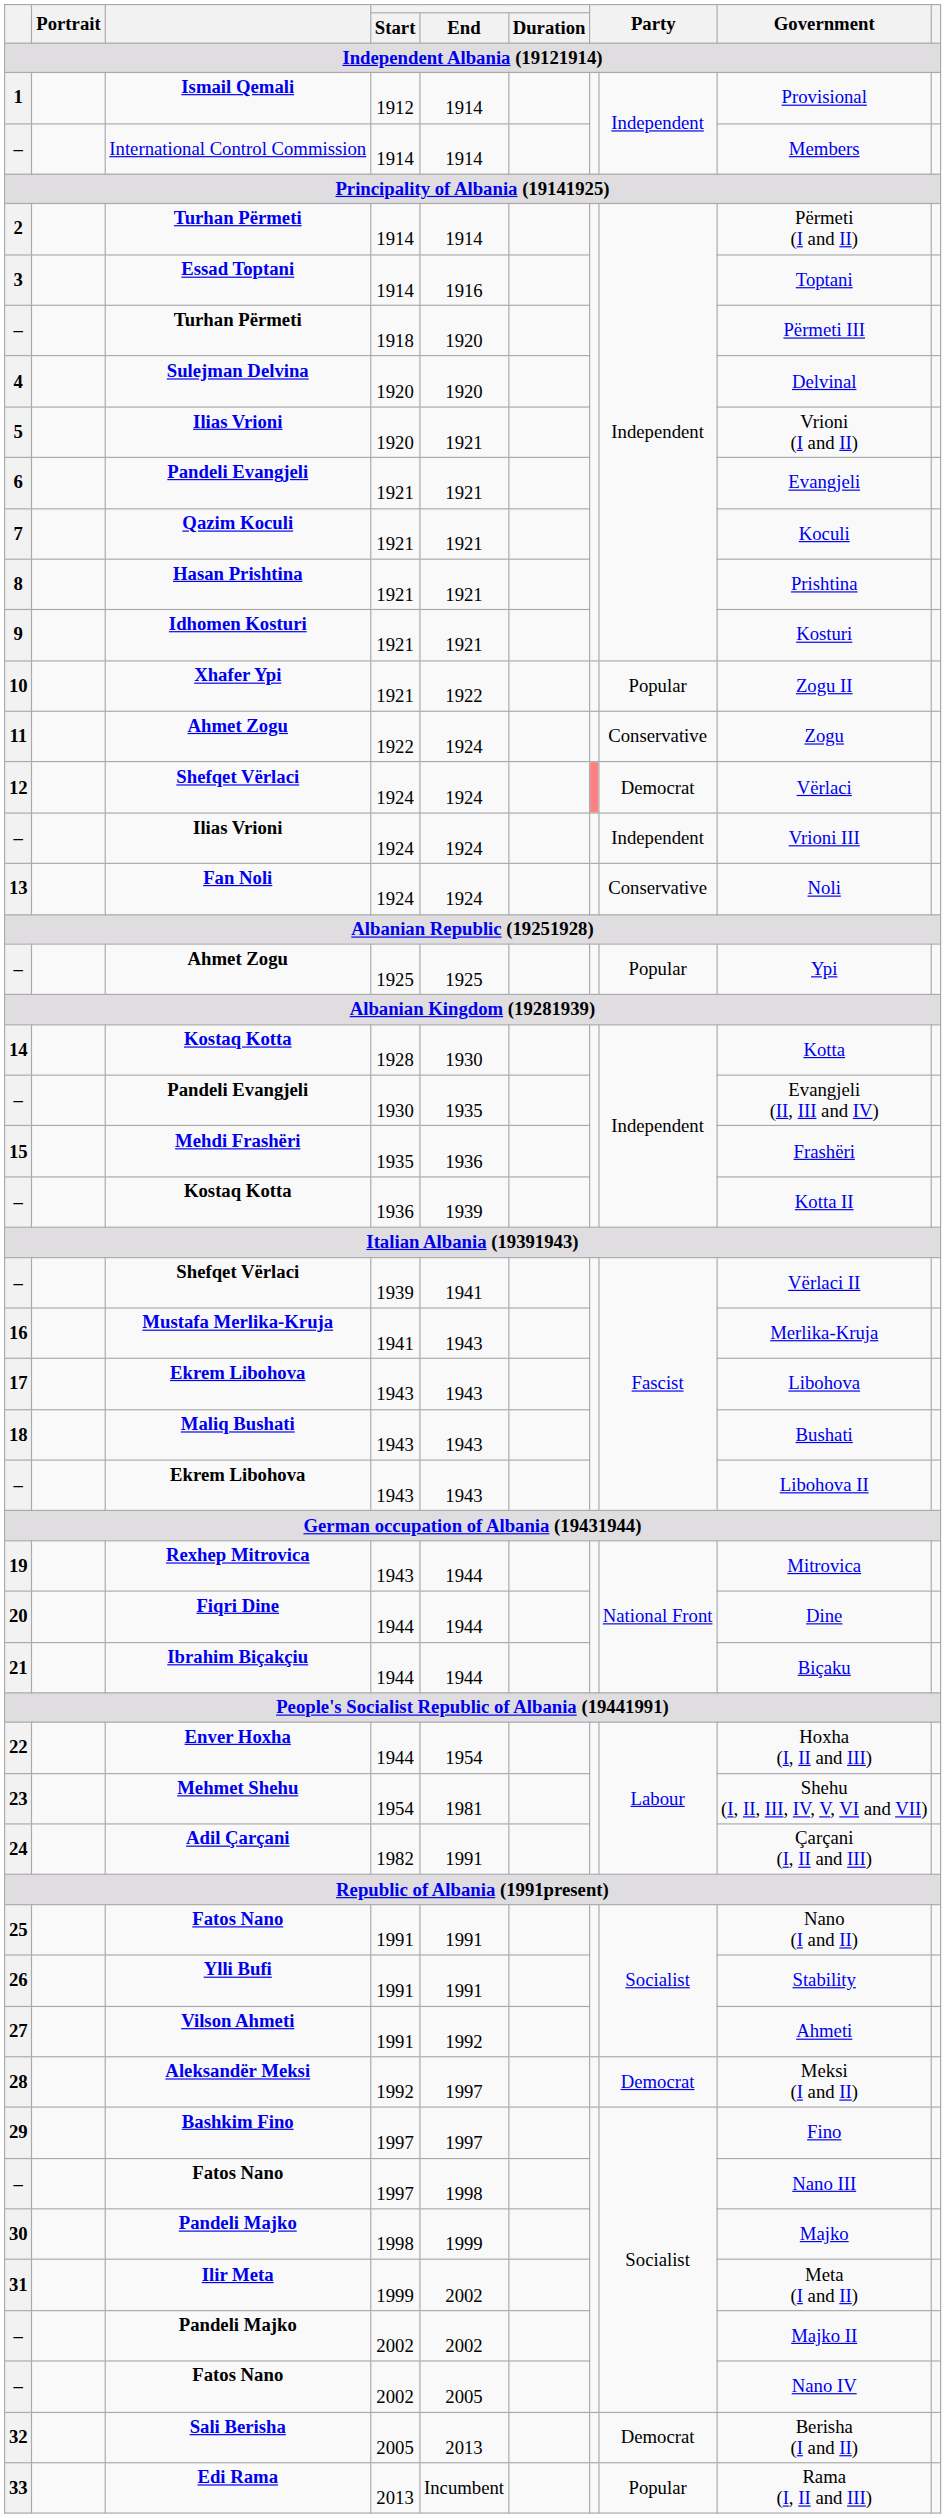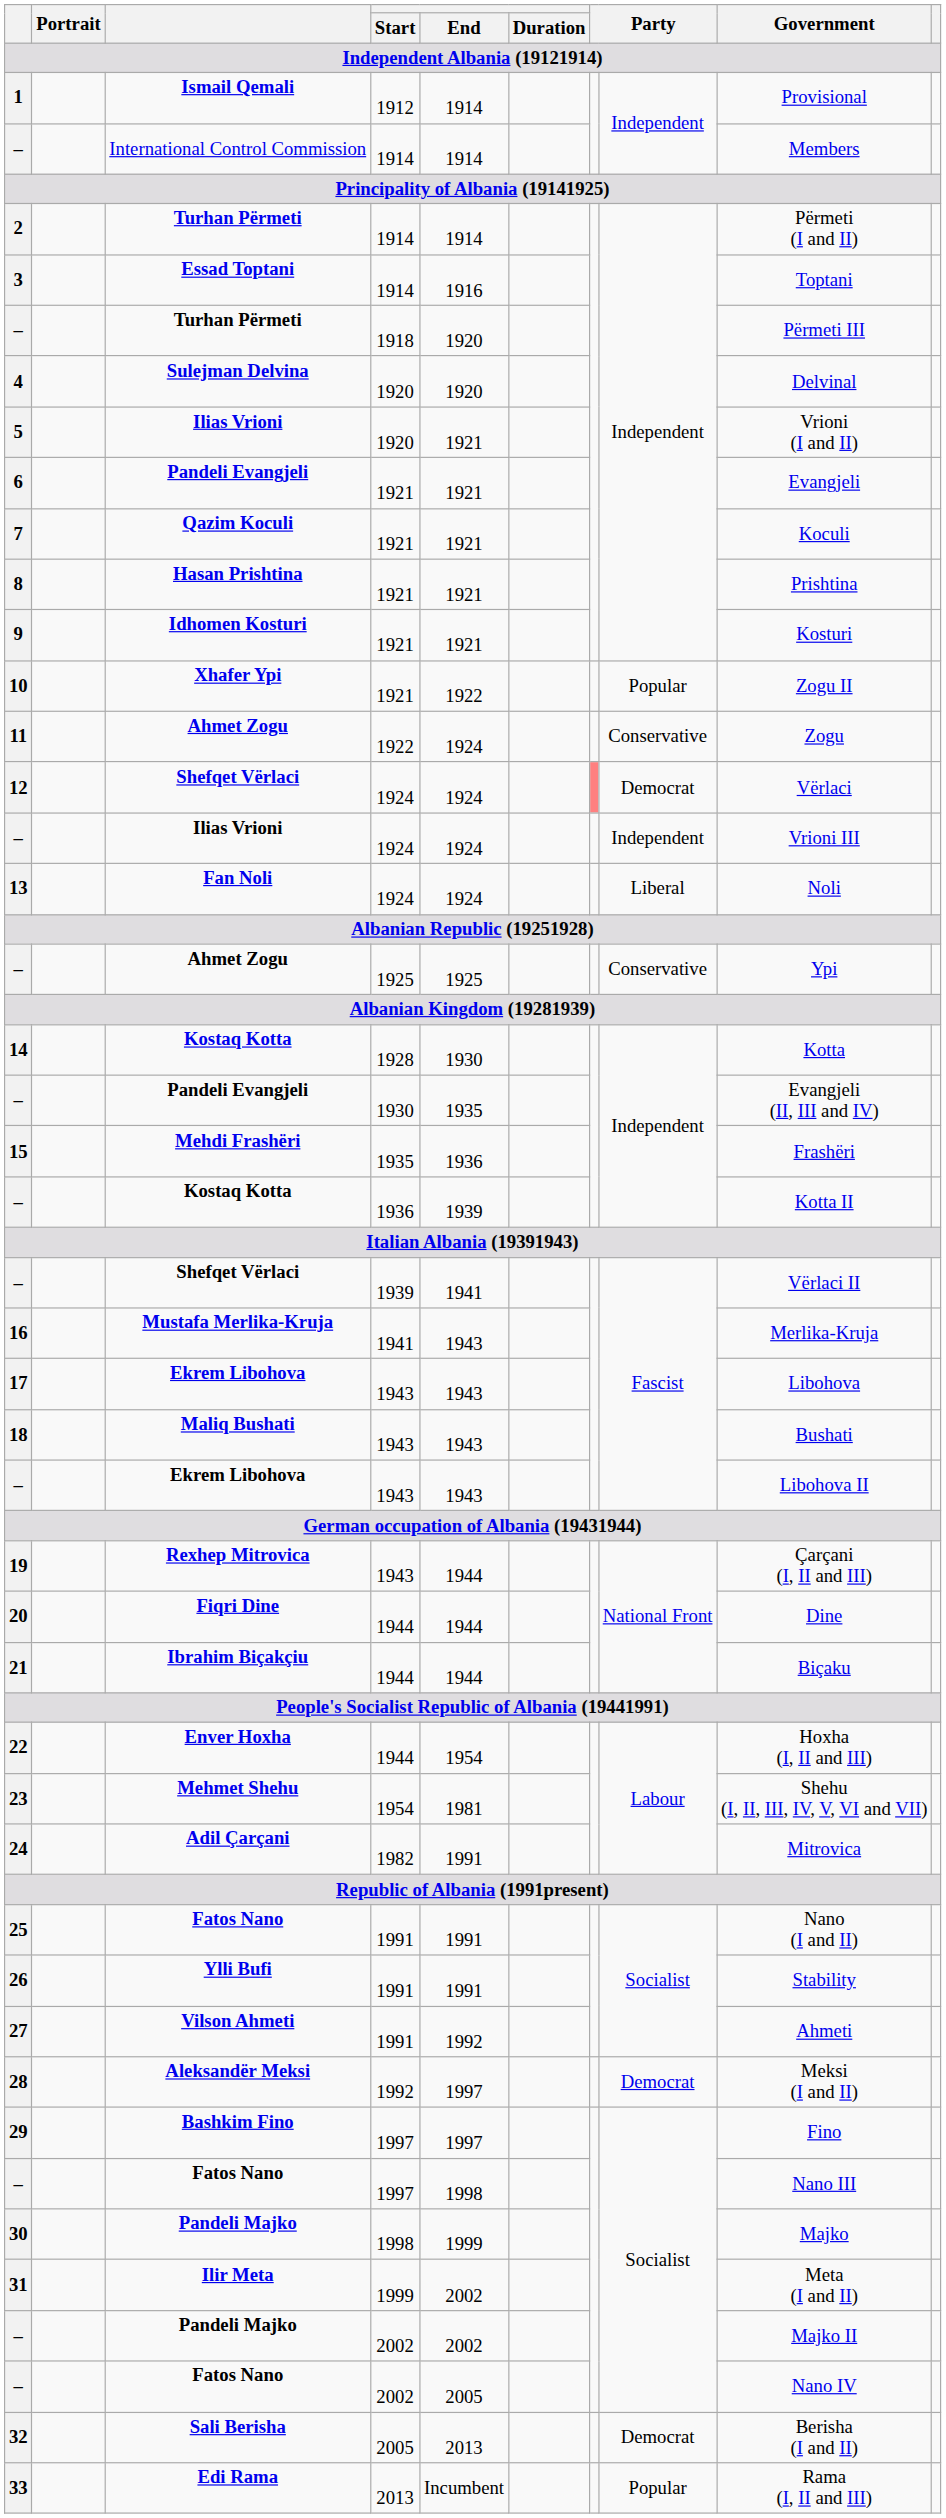 <table class="wikitable" style="text-align:center">
 <tr>
 <th scope=col rowspan="2"></th>
 <th scope=col rowspan="2">Portrait</th>
 <th scope=col rowspan="2"></th>
 <th colspan="3"></th>
 <th colspan="2" rowspan="2">Party</th>
 <th scope=col rowspan="2">Government</th>
 <th scope=col rowspan="2"></th>
 </tr>
 <tr>
 <th scope=col>Start</th>
 <th scope=col>End</th>
 <th scope=col>Duration</th>
 </tr>
 <tr>
 <td colspan="10" bgcolor="#dfdde0"> <strong><a href='#'>Independent Albania</a> (19121914)</strong></td>
 </tr>
 <tr>
 <th>1</th>
 <td></td>
 <td><strong><a href='#'>Ismail Qemali</a></strong><br><br></td>
 <td class=nowrap><br>1912</td>
 <td class=nowrap><br>1914</td>
 <td></td>
 <td rowspan="2" style="background:"></td>
 <td rowspan="2"><a href='#'>Independent</a></td>
 <td><a href='#'>Provisional</a></td>
 <td></td>
 </tr>
 <tr>
 <th>–</th>
 <td></td>
 <td><a href='#'>International Control Commission</a></td>
 <td class=nowrap><br>1914</td>
 <td class=nowrap><br>1914</td>
 <td></td>
 <td><a href='#'>Members</a></td>
 <td></td>
 </tr>
 <tr>
 <td colspan="10" bgcolor="#dfdde0"> <strong><a href='#'>Principality of Albania</a> (19141925)</strong></td>
 </tr>
 <tr>
 <th>2</th>
 <td></td>
 <td><strong><a href='#'>Turhan Përmeti</a></strong><br><br></td>
 <td class=nowrap><br>1914</td>
 <td class=nowrap><br>1914</td>
 <td></td>
 <td rowspan="9" style="background:"></td>
 <td rowspan="9">Independent</td>
 <td>Përmeti<br>(<a href='#'>I</a> and <a href='#'>II</a>)</td>
 <td></td>
 </tr>
 <tr>
 <th>3</th>
 <td></td>
 <td><strong><a href='#'>Essad Toptani</a></strong><br><br></td>
 <td class=nowrap><br>1914</td>
 <td class=nowrap><br>1916</td>
 <td></td>
 <td><a href='#'>Toptani</a></td>
 <td></td>
 </tr>
 <tr>
 <th>–</th>
 <td></td>
 <td><strong>Turhan Përmeti</strong><br><br></td>
 <td class=nowrap><br>1918</td>
 <td class=nowrap><br>1920</td>
 <td></td>
 <td><a href='#'>Përmeti III</a></td>
 <td></td>
 </tr>
 <tr>
 <th>4</th>
 <td></td>
 <td><strong><a href='#'>Sulejman Delvina</a></strong><br><br></td>
 <td class=nowrap><br>1920</td>
 <td class=nowrap><br>1920</td>
 <td></td>
 <td><a href='#'>Delvinal</a></td>
 <td></td>
 </tr>
 <tr>
 <th>5</th>
 <td></td>
 <td><strong><a href='#'>Ilias Vrioni</a></strong><br><br></td>
 <td class=nowrap><br>1920</td>
 <td class=nowrap><br>1921</td>
 <td></td>
 <td>Vrioni<br>(<a href='#'>I</a> and <a href='#'>II</a>)</td>
 <td></td>
 </tr>
 <tr>
 <th>6</th>
 <td></td>
 <td><strong><a href='#'>Pandeli Evangjeli</a></strong><br><br></td>
 <td class=nowrap><br>1921</td>
 <td class=nowrap><br>1921</td>
 <td></td>
 <td><a href='#'>Evangjeli</a></td>
 <td></td>
 </tr>
 <tr>
 <th>7</th>
 <td></td>
 <td><strong><a href='#'>Qazim Koculi</a></strong><br><br></td>
 <td class=nowrap><br>1921</td>
 <td class=nowrap><br>1921</td>
 <td></td>
 <td><a href='#'>Koculi</a></td>
 <td></td>
 </tr>
 <tr>
 <th>8</th>
 <td></td>
 <td><strong><a href='#'>Hasan Prishtina</a></strong><br><br></td>
 <td class=nowrap><br>1921</td>
 <td class=nowrap><br>1921</td>
 <td></td>
 <td><a href='#'>Prishtina</a></td>
 <td></td>
 </tr>
 <tr>
 <th>9</th>
 <td></td>
 <td><strong><a href='#'>Idhomen Kosturi</a></strong><br><br></td>
 <td class=nowrap><br>1921</td>
 <td class=nowrap><br>1921</td>
 <td></td>
 <td><a href='#'>Kosturi</a></td>
 <td></td>
 </tr>
 <tr>
 <th>10</th>
 <td></td>
 <td><strong><a href='#'>Xhafer Ypi</a></strong><br><br></td>
 <td class=nowrap><br>1921</td>
 <td class=nowrap><br>1922</td>
 <td></td>
 <td style="background:"></td>
 <td>Popular</td>
 <td><a href='#'>Zogu II</a></td>
 <td></td>
 </tr>
 <tr>
 <th>11</th>
 <td></td>
 <td><strong><a href='#'>Ahmet Zogu</a></strong><br><br></td>
 <td class=nowrap><br>1922</td>
 <td class=nowrap><br>1924</td>
 <td></td>
 <td style="background:"></td>
 <td>Conservative</td>
 <td><a href='#'>Zogu</a></td>
 <td></td>
 </tr>
 <tr>
 <th>12</th>
 <td></td>
 <td><strong><a href='#'>Shefqet Vërlaci</a></strong><br><br></td>
 <td class=nowrap><br>1924</td>
 <td class=nowrap><br>1924</td>
 <td></td>
 <td style="background:#ff8080; color:white;"></td>
 <td>Democrat</td>
 <td><a href='#'>Vërlaci</a></td>
 <td></td>
 </tr>
 <tr>
 <th>–</th>
 <td></td>
 <td><strong>Ilias Vrioni</strong><br><br></td>
 <td class=nowrap><br>1924</td>
 <td class=nowrap><br>1924</td>
 <td></td>
 <td style="background:"></td>
 <td>Independent</td>
 <td><a href='#'>Vrioni III</a></td>
 <td></td>
 </tr>
 <tr>
 <th>13</th>
 <td></td>
 <td><strong><a href='#'>Fan Noli</a></strong><br><br></td>
 <td class=nowrap><br>1924</td>
 <td class=nowrap><br>1924</td>
 <td></td>
 <td style="background:"></td>
-<td>Conservative</td>
+<td>Liberal</td>
 <td><a href='#'>Noli</a></td>
 <td></td>
 </tr>
 <tr>
 <td colspan="10" bgcolor="#dfdde0"> <strong><a href='#'>Albanian Republic</a> (19251928)</strong></td>
 </tr>
 <tr>
 <th>–</th>
 <td></td>
 <td><strong>Ahmet Zogu</strong><br><br></td>
 <td class=nowrap><br>1925</td>
 <td class=nowrap><br>1925</td>
 <td></td>
 <td style="background:"></td>
-<td>Popular</td>
+<td>Conservative</td>
 <td><a href='#'>Ypi</a></td>
 <td></td>
 </tr>
 <tr>
 <td colspan="10" bgcolor="#dfdde0"> <strong><a href='#'>Albanian Kingdom</a> (19281939)</strong></td>
 </tr>
 <tr>
 <th>14</th>
 <td></td>
 <td><strong><a href='#'>Kostaq Kotta</a></strong><br><br></td>
 <td class=nowrap><br>1928</td>
 <td class=nowrap><br>1930</td>
 <td></td>
 <td rowspan="4" style="background:"></td>
 <td rowspan="4">Independent</td>
 <td><a href='#'>Kotta</a></td>
 <td></td>
 </tr>
 <tr>
 <th>–</th>
 <td></td>
 <td><strong>Pandeli Evangjeli</strong><br><br></td>
 <td class=nowrap><br>1930</td>
 <td class=nowrap><br>1935</td>
 <td></td>
 <td>Evangjeli<br>(<a href='#'>II</a>, <a href='#'>III</a> and <a href='#'>IV</a>)</td>
 <td></td>
 </tr>
 <tr>
 <th>15</th>
 <td></td>
 <td><strong><a href='#'>Mehdi Frashëri</a></strong><br><br></td>
 <td class=nowrap><br>1935</td>
 <td class=nowrap><br>1936</td>
 <td></td>
 <td><a href='#'>Frashëri</a></td>
 <td></td>
 </tr>
 <tr>
 <th>–</th>
 <td></td>
 <td><strong>Kostaq Kotta</strong><br><br></td>
 <td class=nowrap><br>1936</td>
 <td class=nowrap><br>1939</td>
 <td></td>
 <td><a href='#'>Kotta II</a></td>
 <td></td>
 </tr>
 <tr>
 <td colspan="10" bgcolor="#dfdde0"> <strong><a href='#'>Italian Albania</a> (19391943)</strong></td>
 </tr>
 <tr>
 <th>–</th>
 <td></td>
 <td><strong>Shefqet Vërlaci</strong><br><br></td>
 <td class=nowrap><br>1939</td>
 <td class=nowrap><br>1941</td>
 <td></td>
 <td rowspan="5" style="background:"></td>
 <td rowspan="5"><a href='#'>Fascist</a></td>
 <td><a href='#'>Vërlaci II</a></td>
 <td></td>
 </tr>
 <tr>
 <th>16</th>
 <td></td>
 <td><strong><a href='#'>Mustafa Merlika-Kruja</a></strong><br><br></td>
 <td class=nowrap><br>1941</td>
 <td class=nowrap><br>1943</td>
 <td></td>
 <td><a href='#'>Merlika-Kruja</a></td>
 <td></td>
 </tr>
 <tr>
 <th>17</th>
 <td></td>
 <td><strong><a href='#'>Ekrem Libohova</a></strong><br><br></td>
 <td class=nowrap><br>1943</td>
 <td class=nowrap><br>1943</td>
 <td></td>
 <td><a href='#'>Libohova</a></td>
 <td></td>
 </tr>
 <tr>
 <th>18</th>
 <td></td>
 <td><strong><a href='#'>Maliq Bushati</a></strong><br><br></td>
 <td class=nowrap><br>1943</td>
 <td class=nowrap><br>1943</td>
 <td></td>
 <td><a href='#'>Bushati</a></td>
 <td></td>
 </tr>
 <tr>
 <th>–</th>
 <td></td>
 <td><strong>Ekrem Libohova</strong><br><br></td>
 <td class=nowrap><br>1943</td>
 <td class=nowrap><br>1943</td>
 <td></td>
 <td><a href='#'>Libohova II</a></td>
 <td></td>
 </tr>
 <tr>
 <td colspan="10" bgcolor="#dfdde0"> <strong><a href='#'>German occupation of Albania</a> (19431944)</strong></td>
 </tr>
 <tr>
 <th>19</th>
 <td></td>
 <td><strong><a href='#'>Rexhep Mitrovica</a></strong><br><br></td>
 <td class=nowrap><br>1943</td>
 <td class=nowrap><br>1944</td>
 <td></td>
 <td rowspan="3" style="background:"></td>
 <td rowspan="3"><a href='#'>National Front</a></td>
-<td><a href='#'>Mitrovica</a></td>
+<td>Çarçani<br>(<a href='#'>I</a>, <a href='#'>II</a> and <a href='#'>III</a>)</td>
 <td></td>
 </tr>
 <tr>
 <th>20</th>
 <td></td>
 <td><strong><a href='#'>Fiqri Dine</a></strong><br><br></td>
 <td class=nowrap><br>1944</td>
 <td class=nowrap><br>1944</td>
 <td></td>
 <td><a href='#'>Dine</a></td>
 <td></td>
 </tr>
 <tr>
 <th>21</th>
 <td></td>
 <td><strong><a href='#'>Ibrahim Biçakçiu</a></strong><br><br></td>
 <td class=nowrap><br>1944</td>
 <td class=nowrap><br>1944</td>
 <td></td>
 <td><a href='#'>Biçaku</a></td>
 <td></td>
 </tr>
 <tr>
 <td colspan="10" bgcolor="#dfdde0"> <strong><a href='#'>People's Socialist Republic of Albania</a> (19441991)</strong></td>
 </tr>
 <tr>
 <th>22</th>
 <td></td>
 <td><strong><a href='#'>Enver Hoxha</a></strong><br><br></td>
 <td class=nowrap><br>1944</td>
 <td class=nowrap><br>1954</td>
 <td></td>
 <td rowspan="3" style="background:"></td>
 <td rowspan="3"><a href='#'>Labour</a></td>
 <td>Hoxha<br>(<a href='#'>I</a>, <a href='#'>II</a> and <a href='#'>III</a>)</td>
 <td></td>
 </tr>
 <tr>
 <th>23</th>
 <td></td>
 <td><strong><a href='#'>Mehmet Shehu</a></strong><br><br></td>
 <td class=nowrap><br>1954</td>
 <td class=nowrap><br>1981</td>
 <td></td>
 <td>Shehu<br>(<a href='#'>I</a>, <a href='#'>II</a>, <a href='#'>III</a>, <a href='#'>IV</a>, <a href='#'>V</a>, <a href='#'>VI</a> and <a href='#'>VII</a>)</td>
 <td></td>
 </tr>
 <tr>
 <th>24</th>
 <td></td>
 <td><strong><a href='#'>Adil Çarçani</a></strong><br><br></td>
 <td class=nowrap><br>1982</td>
 <td class=nowrap><br>1991</td>
 <td></td>
-<td>Çarçani<br>(<a href='#'>I</a>, <a href='#'>II</a> and <a href='#'>III</a>)</td>
+<td><a href='#'>Mitrovica</a></td>
 <td></td>
 </tr>
 <tr>
 <td colspan="10" bgcolor="#dfdde0"> <strong><a href='#'>Republic of Albania</a> (1991present)</strong></td>
 </tr>
 <tr>
 <th>25</th>
 <td></td>
 <td><strong><a href='#'>Fatos Nano</a></strong><br><br></td>
 <td class=nowrap><br>1991</td>
 <td class=nowrap><br>1991</td>
 <td></td>
 <td rowspan="3" style="background:"></td>
 <td rowspan="3"><a href='#'>Socialist</a></td>
 <td>Nano<br>(<a href='#'>I</a> and <a href='#'>II</a>)</td>
 <td></td>
 </tr>
 <tr>
 <th>26</th>
 <td></td>
 <td><strong><a href='#'>Ylli Bufi</a></strong><br><br></td>
 <td class=nowrap><br>1991</td>
 <td class=nowrap><br>1991</td>
 <td></td>
 <td><a href='#'>Stability</a></td>
 <td></td>
 </tr>
 <tr>
 <th>27</th>
 <td></td>
 <td><strong><a href='#'>Vilson Ahmeti</a></strong><br><br></td>
 <td class=nowrap><br>1991</td>
 <td class=nowrap><br>1992</td>
 <td></td>
 <td><a href='#'>Ahmeti</a></td>
 <td></td>
 </tr>
 <tr>
 <th>28</th>
 <td></td>
 <td><strong><a href='#'>Aleksandër Meksi</a></strong><br><br></td>
 <td class=nowrap><br>1992</td>
 <td class=nowrap><br>1997</td>
 <td></td>
 <td style="background:"></td>
 <td><a href='#'>Democrat</a></td>
 <td>Meksi<br>(<a href='#'>I</a> and <a href='#'>II</a>)</td>
 <td></td>
 </tr>
 <tr>
 <th>29</th>
 <td></td>
 <td><strong><a href='#'>Bashkim Fino</a></strong><br><br></td>
 <td class=nowrap><br>1997</td>
 <td class=nowrap><br>1997</td>
 <td></td>
 <td rowspan="6" style="background:"></td>
 <td rowspan="6">Socialist</td>
 <td><a href='#'>Fino</a></td>
 <td></td>
 </tr>
 <tr>
 <th>–</th>
 <td></td>
 <td><strong>Fatos Nano</strong><br><br></td>
 <td class=nowrap><br>1997</td>
 <td class=nowrap><br>1998</td>
 <td></td>
 <td><a href='#'>Nano III</a></td>
 <td></td>
 </tr>
 <tr>
 <th>30</th>
 <td></td>
 <td><strong><a href='#'>Pandeli Majko</a></strong><br><br></td>
 <td class=nowrap><br>1998</td>
 <td class=nowrap><br>1999</td>
 <td></td>
 <td><a href='#'>Majko</a></td>
 <td></td>
 </tr>
 <tr>
 <th>31</th>
 <td></td>
 <td><strong><a href='#'>Ilir Meta</a></strong><br><br></td>
 <td class=nowrap><br>1999</td>
 <td class=nowrap><br>2002</td>
 <td></td>
 <td>Meta<br>(<a href='#'>I</a> and <a href='#'>II</a>)</td>
 <td></td>
 </tr>
 <tr>
 <th>–</th>
 <td></td>
 <td><strong>Pandeli Majko</strong><br><br></td>
 <td class=nowrap><br>2002</td>
 <td class=nowrap><br>2002</td>
 <td></td>
 <td><a href='#'>Majko II</a></td>
 <td></td>
 </tr>
 <tr>
 <th>–</th>
 <td></td>
 <td><strong>Fatos Nano</strong><br><br></td>
 <td class=nowrap><br>2002</td>
 <td class=nowrap><br>2005</td>
 <td></td>
 <td><a href='#'>Nano IV</a></td>
 <td></td>
 </tr>
 <tr>
 <th>32</th>
 <td></td>
 <td><strong><a href='#'>Sali Berisha</a></strong><br><br></td>
 <td class=nowrap><br>2005</td>
 <td class=nowrap><br>2013</td>
 <td></td>
 <td style="background:"></td>
 <td>Democrat</td>
 <td>Berisha<br>(<a href='#'>I</a> and <a href='#'>II</a>)</td>
 <td></td>
 </tr>
 <tr>
 <th>33</th>
 <td></td>
 <td><strong><a href='#'>Edi Rama</a></strong><br><br></td>
 <td class=nowrap><br>2013</td>
 <td class=nowrap>Incumbent</td>
 <td></td>
 <td style="background:"></td>
 <td>Popular</td>
 <td>Rama<br>(<a href='#'>I</a>, <a href='#'>II</a> and <a href='#'>III</a>)</td>
 <td></td>
 </tr>
 </table>
